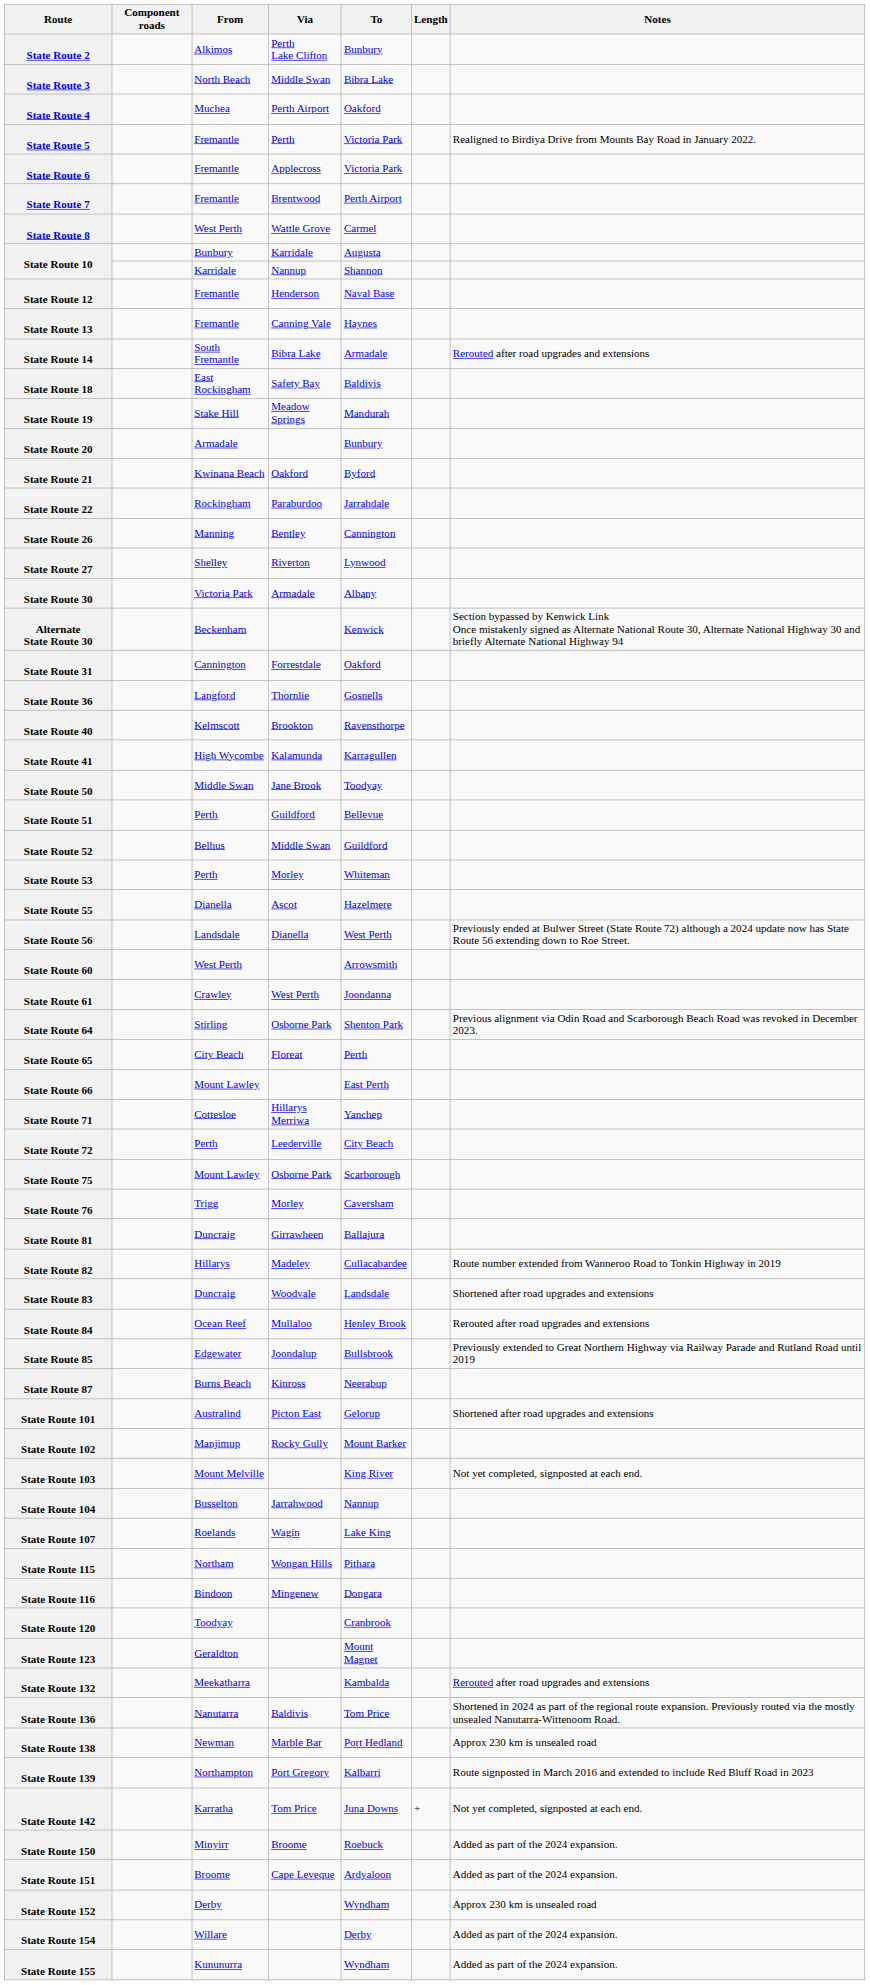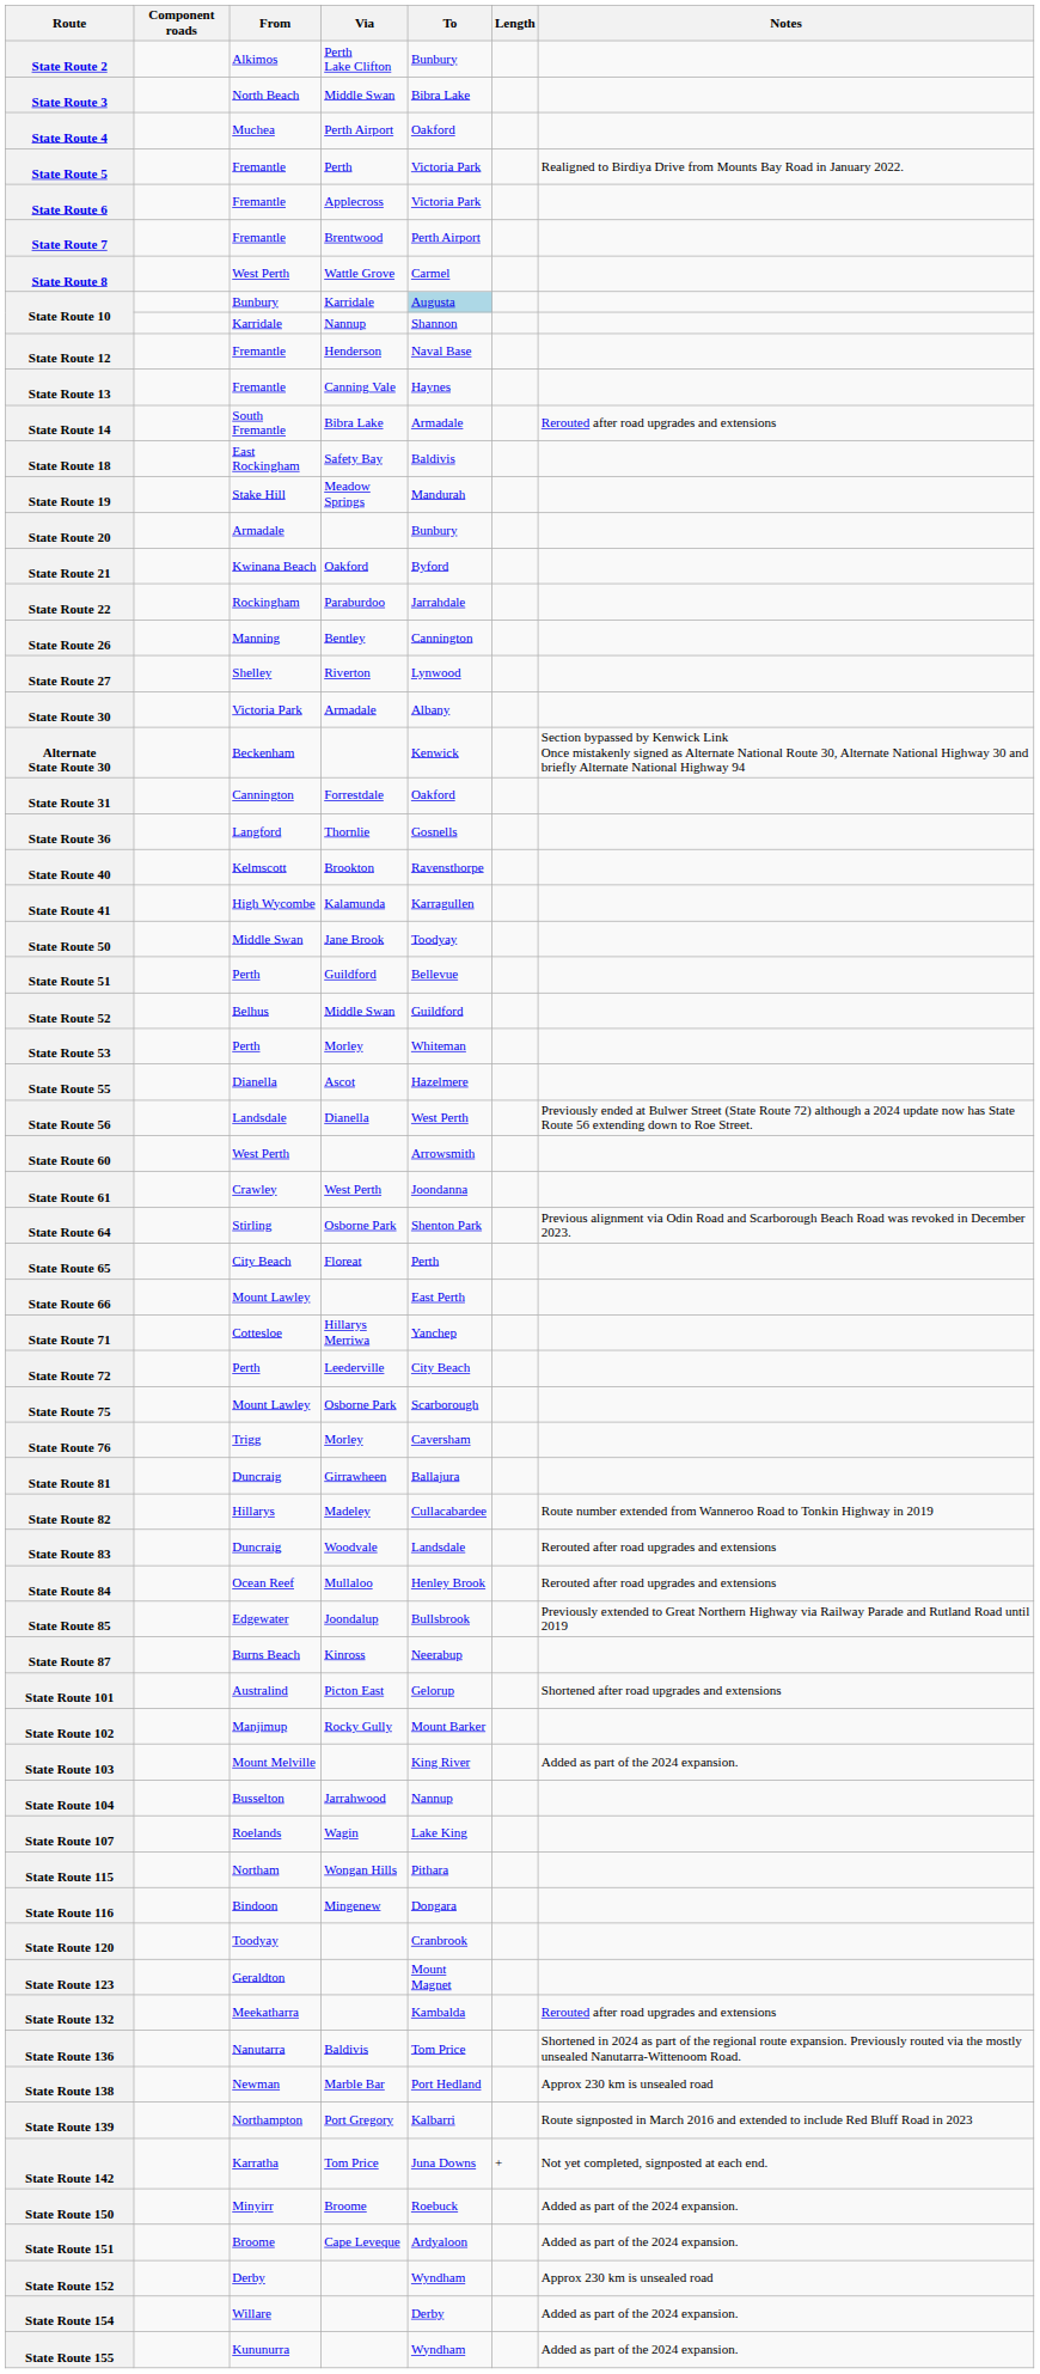 <table class="wikitable">
 <tr>
 <th scope="col">Route</th>
 <th scope="col">Component roads</th>
 <th scope="col">From</th>
 <th scope="col">Via</th>
 <th scope="col">To</th>
 <th scope="col">Length</th>
 <th scope="col">Notes</th>
 </tr>
 <tr>
 <th style="vertical-align:top; white-space:nowrap;"><br><a href='#'>State Route 2</a></th>
 <td></td>
 <td><a href='#'>Alkimos</a></td>
 <td><a href='#'>Perth</a><br><a href='#'>Lake Clifton</a></td>
 <td><a href='#'>Bunbury</a></td>
 <td></td>
 <td></td>
 </tr>
 <tr>
 <th style="vertical-align:top; white-space:nowrap;"><br><a href='#'>State Route 3</a></th>
 <td></td>
 <td><a href='#'>North Beach</a></td>
 <td><a href='#'>Middle Swan</a></td>
 <td><a href='#'>Bibra Lake</a></td>
 <td></td>
 <td></td>
 </tr>
 <tr>
 <th style="vertical-align:top; white-space:nowrap;"><br><a href='#'>State Route 4</a></th>
 <td></td>
 <td><a href='#'>Muchea</a></td>
 <td><a href='#'>Perth Airport</a></td>
 <td><a href='#'>Oakford</a></td>
 <td></td>
 <td></td>
 </tr>
 <tr>
 <th style="vertical-align:top; white-space:nowrap;"><br><a href='#'>State Route 5</a></th>
 <td></td>
 <td><a href='#'>Fremantle</a></td>
 <td><a href='#'>Perth</a></td>
 <td><a href='#'>Victoria Park</a></td>
 <td></td>
 <td> Realigned to Birdiya Drive from Mounts Bay Road in January 2022.</td>
 </tr>
 <tr>
 <th style="vertical-align:top; white-space:nowrap;"><br><a href='#'>State Route 6</a></th>
 <td></td>
 <td><a href='#'>Fremantle</a></td>
 <td><a href='#'>Applecross</a></td>
 <td><a href='#'>Victoria Park</a></td>
 <td></td>
 <td></td>
 </tr>
 <tr>
 <th style="vertical-align:top; white-space:nowrap;"><br><a href='#'>State Route 7</a></th>
 <td></td>
 <td><a href='#'>Fremantle</a></td>
 <td><a href='#'>Brentwood</a></td>
 <td><a href='#'>Perth Airport</a></td>
 <td></td>
 <td></td>
 </tr>
 <tr>
 <th style="vertical-align:top; white-space:nowrap;"><br><a href='#'>State Route 8</a></th>
 <td></td>
 <td><a href='#'>West Perth</a></td>
 <td><a href='#'>Wattle Grove</a></td>
 <td><a href='#'>Carmel</a></td>
 <td></td>
 <td></td>
 </tr>
 <tr>
 <th rowspan=2 style="vertical-align:top; white-space:nowrap;"><br>State Route 10</th>
 <td></td>
 <td><a href='#'>Bunbury</a></td>
 <td><a href='#'>Karridale</a></td>
-<td><a href='#'>Augusta</a></td>
+<td style="background: lightblue;"><a href='#'>Augusta</a></td>
 <td></td>
 <td></td>
 </tr>
 <tr>
 <td></td>
 <td><a href='#'>Karridale</a></td>
 <td><a href='#'>Nannup</a></td>
 <td><a href='#'>Shannon</a></td>
 <td></td>
 <td></td>
 </tr>
 <tr>
 <th style="vertical-align:top; white-space:nowrap;"><br>State Route 12</th>
 <td></td>
 <td><a href='#'>Fremantle</a></td>
 <td><a href='#'>Henderson</a></td>
 <td><a href='#'>Naval Base</a></td>
 <td></td>
 <td></td>
 </tr>
 <tr>
 <th style="vertical-align:top; white-space:nowrap;"><br>State Route 13</th>
 <td></td>
 <td><a href='#'>Fremantle</a></td>
 <td><a href='#'>Canning Vale</a></td>
 <td><a href='#'>Haynes</a></td>
 <td></td>
 <td></td>
 </tr>
 <tr>
 <th style="vertical-align:top; white-space:nowrap;"><br>State Route 14</th>
 <td></td>
 <td><a href='#'>South Fremantle</a></td>
 <td><a href='#'>Bibra Lake</a></td>
 <td><a href='#'>Armadale</a></td>
 <td></td>
 <td><a href='#'>Rerouted</a> after road upgrades and extensions</td>
 </tr>
 <tr>
 <th style="vertical-align:top; white-space:nowrap;"><br>State Route 18</th>
 <td></td>
 <td><a href='#'>East Rockingham</a></td>
 <td><a href='#'>Safety Bay</a></td>
 <td><a href='#'>Baldivis</a></td>
 <td></td>
 <td></td>
 </tr>
 <tr>
 <th style="vertical-align:top; white-space:nowrap;"><br>State Route 19</th>
 <td></td>
 <td><a href='#'>Stake Hill</a></td>
 <td><a href='#'>Meadow Springs</a></td>
 <td><a href='#'>Mandurah</a></td>
 <td></td>
 <td></td>
 </tr>
 <tr>
 <th style="vertical-align:top; white-space:nowrap;"><br>State Route 20</th>
 <td></td>
 <td><a href='#'>Armadale</a></td>
 <td></td>
 <td><a href='#'>Bunbury</a></td>
 <td></td>
 <td></td>
 </tr>
 <tr>
 <th style="vertical-align:top; white-space:nowrap;"><br>State Route 21</th>
 <td></td>
 <td><a href='#'>Kwinana Beach</a></td>
 <td><a href='#'>Oakford</a></td>
 <td><a href='#'>Byford</a></td>
 <td></td>
 <td></td>
 </tr>
 <tr>
 <th style="vertical-align:top; white-space:nowrap;"><br>State Route 22</th>
 <td></td>
 <td><a href='#'>Rockingham</a></td>
 <td><a href='#'>Paraburdoo</a></td>
 <td><a href='#'>Jarrahdale</a></td>
 <td></td>
 <td></td>
 </tr>
 <tr>
 <th style="vertical-align:top; white-space:nowrap;"><br>State Route 26</th>
 <td></td>
 <td><a href='#'>Manning</a></td>
 <td><a href='#'>Bentley</a></td>
 <td><a href='#'>Cannington</a></td>
 <td></td>
 <td></td>
 </tr>
 <tr>
 <th style="vertical-align:top; white-space:nowrap;"><br>State Route 27</th>
 <td></td>
 <td><a href='#'>Shelley</a></td>
 <td><a href='#'>Riverton</a></td>
 <td><a href='#'>Lynwood</a></td>
 <td></td>
 <td></td>
 </tr>
 <tr>
 <th style="vertical-align:top; white-space:nowrap;"><br>State Route 30</th>
 <td></td>
 <td><a href='#'>Victoria Park</a></td>
 <td><a href='#'>Armadale</a></td>
 <td><a href='#'>Albany</a></td>
 <td></td>
 <td></td>
 </tr>
 <tr>
 <th style="vertical-align:top; white-space:nowrap;"><br>Alternate<wbr> State Route 30</th>
 <td></td>
 <td><a href='#'>Beckenham</a></td>
 <td></td>
 <td><a href='#'>Kenwick</a></td>
 <td></td>
 <td>Section bypassed by Kenwick Link<br>Once mistakenly signed as Alternate National Route 30, Alternate National Highway 30 and briefly Alternate National Highway 94</td>
 </tr>
 <tr>
 <th style="vertical-align:top; white-space:nowrap;"><br>State Route 31</th>
 <td></td>
 <td><a href='#'>Cannington</a></td>
 <td><a href='#'>Forrestdale</a></td>
 <td><a href='#'>Oakford</a></td>
 <td></td>
 <td></td>
 </tr>
 <tr>
 <th style="vertical-align:top; white-space:nowrap;"><br>State Route 36</th>
 <td></td>
 <td><a href='#'>Langford</a></td>
 <td><a href='#'>Thornlie</a></td>
 <td><a href='#'>Gosnells</a></td>
 <td></td>
 <td></td>
 </tr>
 <tr>
 <th style="vertical-align:top; white-space:nowrap;"><br>State Route 40</th>
 <td></td>
 <td><a href='#'>Kelmscott</a></td>
 <td><a href='#'>Brookton</a></td>
 <td><a href='#'>Ravensthorpe</a></td>
 <td></td>
 <td></td>
 </tr>
 <tr>
 <th style="vertical-align:top; white-space:nowrap;"><br>State Route 41</th>
 <td></td>
 <td><a href='#'>High Wycombe</a></td>
 <td><a href='#'>Kalamunda</a></td>
 <td><a href='#'>Karragullen</a></td>
 <td></td>
 <td></td>
 </tr>
 <tr>
 <th style="vertical-align:top; white-space:nowrap;"><br>State Route 50</th>
 <td></td>
 <td><a href='#'>Middle Swan</a></td>
 <td><a href='#'>Jane Brook</a></td>
 <td><a href='#'>Toodyay</a></td>
 <td></td>
 <td></td>
 </tr>
 <tr>
 <th style="vertical-align:top; white-space:nowrap;"><br>State Route 51</th>
 <td></td>
 <td><a href='#'>Perth</a></td>
 <td><a href='#'>Guildford</a></td>
 <td><a href='#'>Bellevue</a></td>
 <td></td>
 <td></td>
 </tr>
 <tr>
 <th style="vertical-align:top; white-space:nowrap;"><br>State Route 52</th>
 <td></td>
 <td><a href='#'>Belhus</a></td>
 <td><a href='#'>Middle Swan</a></td>
 <td><a href='#'>Guildford</a></td>
 <td></td>
 <td></td>
 </tr>
 <tr>
 <th style="vertical-align:top; white-space:nowrap;"><br>State Route 53</th>
 <td></td>
 <td><a href='#'>Perth</a></td>
 <td><a href='#'>Morley</a></td>
 <td><a href='#'>Whiteman</a></td>
 <td></td>
 <td></td>
 </tr>
 <tr>
 <th style="vertical-align:top; white-space:nowrap;"><br>State Route 55</th>
 <td></td>
 <td><a href='#'>Dianella</a></td>
 <td><a href='#'>Ascot</a></td>
 <td><a href='#'>Hazelmere</a></td>
 <td></td>
 <td></td>
 </tr>
 <tr>
 <th style="vertical-align:top; white-space:nowrap;"><br>State Route 56</th>
 <td></td>
 <td><a href='#'>Landsdale</a></td>
 <td><a href='#'>Dianella</a></td>
 <td><a href='#'>West Perth</a></td>
 <td></td>
 <td>Previously ended at Bulwer Street (State Route 72) although a 2024 update now has State Route 56 extending down to Roe Street.</td>
 </tr>
 <tr>
 <th style="vertical-align:top; white-space:nowrap;"><br>State Route 60</th>
 <td></td>
 <td><a href='#'>West Perth</a></td>
 <td></td>
 <td><a href='#'>Arrowsmith</a></td>
 <td></td>
 <td></td>
 </tr>
 <tr>
 <th style="vertical-align:top; white-space:nowrap;"><br>State Route 61</th>
 <td></td>
 <td><a href='#'>Crawley</a></td>
 <td><a href='#'>West Perth</a></td>
 <td><a href='#'>Joondanna</a></td>
 <td></td>
 <td></td>
 </tr>
 <tr>
 <th style="vertical-align:top; white-space:nowrap;"><br>State Route 64</th>
 <td></td>
 <td><a href='#'>Stirling</a></td>
 <td><a href='#'>Osborne Park</a></td>
 <td><a href='#'>Shenton Park</a></td>
 <td></td>
 <td>Previous alignment via Odin Road and Scarborough Beach Road was revoked in December 2023.</td>
 </tr>
 <tr>
 <th style="vertical-align:top; white-space:nowrap;"><br>State Route 65</th>
 <td></td>
 <td><a href='#'>City Beach</a></td>
 <td><a href='#'>Floreat</a></td>
 <td><a href='#'>Perth</a></td>
 <td></td>
 <td></td>
 </tr>
 <tr>
 <th style="vertical-align:top; white-space:nowrap;"><br>State Route 66</th>
 <td></td>
 <td><a href='#'>Mount Lawley</a></td>
 <td></td>
 <td><a href='#'>East Perth</a></td>
 <td></td>
 <td></td>
 </tr>
 <tr>
 <th style="vertical-align:top; white-space:nowrap;"><br>State Route 71</th>
 <td></td>
 <td><a href='#'>Cottesloe</a></td>
 <td><a href='#'>Hillarys</a><br><a href='#'>Merriwa</a></td>
 <td><a href='#'>Yanchep</a></td>
 <td></td>
 <td></td>
 </tr>
 <tr>
 <th style="vertical-align:top; white-space:nowrap;"><br>State Route 72</th>
 <td></td>
 <td><a href='#'>Perth</a></td>
 <td><a href='#'>Leederville</a></td>
 <td><a href='#'>City Beach</a></td>
 <td></td>
 <td></td>
 </tr>
 <tr>
 <th style="vertical-align:top; white-space:nowrap;"><br>State Route 75</th>
 <td></td>
 <td><a href='#'>Mount Lawley</a></td>
 <td><a href='#'>Osborne Park</a></td>
 <td><a href='#'>Scarborough</a></td>
 <td></td>
 <td></td>
 </tr>
 <tr>
 <th style="vertical-align:top; white-space:nowrap;"><br>State Route 76</th>
 <td></td>
 <td><a href='#'>Trigg</a></td>
 <td><a href='#'>Morley</a></td>
 <td><a href='#'>Caversham</a></td>
 <td></td>
 <td></td>
 </tr>
 <tr>
 <th style="vertical-align:top; white-space:nowrap;"><br>State Route 81</th>
 <td></td>
 <td><a href='#'>Duncraig</a></td>
 <td><a href='#'>Girrawheen</a></td>
 <td><a href='#'>Ballajura</a></td>
 <td></td>
 <td></td>
 </tr>
 <tr>
 <th style="vertical-align:top; white-space:nowrap;"><br>State Route 82</th>
 <td></td>
 <td><a href='#'>Hillarys</a></td>
 <td><a href='#'>Madeley</a></td>
 <td><a href='#'>Cullacabardee</a></td>
 <td></td>
 <td>Route number extended from Wanneroo Road to Tonkin Highway in 2019</td>
 </tr>
 <tr>
 <th style="vertical-align:top; white-space:nowrap;"><br>State Route 83</th>
 <td></td>
 <td><a href='#'>Duncraig</a></td>
 <td><a href='#'>Woodvale</a></td>
 <td><a href='#'>Landsdale</a></td>
 <td></td>
-<td>Shortened after road upgrades and extensions</td>
+<td>Rerouted after road upgrades and extensions</td>
 </tr>
 <tr>
 <th style="vertical-align:top; white-space:nowrap;"><br>State Route 84</th>
 <td></td>
 <td><a href='#'>Ocean Reef</a></td>
 <td><a href='#'>Mullaloo</a></td>
 <td><a href='#'>Henley Brook</a></td>
 <td></td>
 <td>Rerouted after road upgrades and extensions</td>
 </tr>
 <tr>
 <th style="vertical-align:top; white-space:nowrap;"><br>State Route 85</th>
 <td></td>
 <td><a href='#'>Edgewater</a></td>
 <td><a href='#'>Joondalup</a></td>
 <td><a href='#'>Bullsbrook</a></td>
 <td></td>
 <td>Previously extended to Great Northern Highway via Railway Parade and Rutland Road until 2019</td>
 </tr>
 <tr>
 <th style="vertical-align:top; white-space:nowrap;"><br>State Route 87</th>
 <td></td>
 <td><a href='#'>Burns Beach</a></td>
 <td><a href='#'>Kinross</a></td>
 <td><a href='#'>Neerabup</a></td>
 <td></td>
 <td></td>
 </tr>
 <tr>
 <th style="vertical-align:top; white-space:nowrap;"><br>State Route 101</th>
 <td></td>
 <td><a href='#'>Australind</a></td>
 <td><a href='#'>Picton East</a></td>
 <td><a href='#'>Gelorup</a></td>
 <td></td>
 <td>Shortened after road upgrades and extensions</td>
 </tr>
 <tr>
 <th style="vertical-align:top; white-space:nowrap;"><br>State Route 102</th>
 <td></td>
 <td><a href='#'>Manjimup</a></td>
 <td><a href='#'>Rocky Gully</a></td>
 <td><a href='#'>Mount Barker</a></td>
 <td></td>
 <td></td>
 </tr>
 <tr>
 <th style="vertical-align:top; white-space:nowrap;"><br>State Route 103</th>
 <td></td>
 <td><a href='#'>Mount Melville</a></td>
 <td></td>
 <td><a href='#'>King River</a></td>
 <td></td>
-<td>Not yet completed, signposted at each end.</td>
+<td>Added as part of the 2024 expansion.</td>
 </tr>
 <tr>
 <th style="vertical-align:top; white-space:nowrap;"><br>State Route 104</th>
 <td></td>
 <td><a href='#'>Busselton</a></td>
 <td><a href='#'>Jarrahwood</a></td>
 <td><a href='#'>Nannup</a></td>
 <td></td>
 <td></td>
 </tr>
 <tr>
 <th style="vertical-align:top; white-space:nowrap;"><br>State Route 107</th>
 <td></td>
 <td><a href='#'>Roelands</a></td>
 <td><a href='#'>Wagin</a></td>
 <td><a href='#'>Lake King</a></td>
 <td></td>
 <td></td>
 </tr>
 <tr>
 <th style="vertical-align:top; white-space:nowrap;"><br>State Route 115</th>
 <td></td>
 <td><a href='#'>Northam</a></td>
 <td><a href='#'>Wongan Hills</a></td>
 <td><a href='#'>Pithara</a></td>
 <td></td>
 <td></td>
 </tr>
 <tr>
 <th style="vertical-align:top; white-space:nowrap;"><br>State Route 116</th>
 <td></td>
 <td><a href='#'>Bindoon</a></td>
 <td><a href='#'>Mingenew</a></td>
 <td><a href='#'>Dongara</a></td>
 <td></td>
 <td></td>
 </tr>
 <tr>
 <th style="vertical-align:top; white-space:nowrap;"><br>State Route 120</th>
 <td></td>
 <td><a href='#'>Toodyay</a></td>
 <td></td>
 <td><a href='#'>Cranbrook</a></td>
 <td></td>
 <td></td>
 </tr>
 <tr>
 <th style="vertical-align:top; white-space:nowrap;"><br>State Route 123</th>
 <td></td>
 <td><a href='#'>Geraldton</a></td>
 <td></td>
 <td><a href='#'>Mount Magnet</a></td>
 <td></td>
 <td></td>
 </tr>
 <tr>
 <th style="vertical-align:top; white-space:nowrap;"><br>State Route 132</th>
 <td></td>
 <td><a href='#'>Meekatharra</a></td>
 <td></td>
 <td><a href='#'>Kambalda</a></td>
 <td></td>
 <td><a href='#'>Rerouted</a> after road upgrades and extensions</td>
 </tr>
 <tr>
 <th style="vertical-align:top; white-space:nowrap;"><br>State Route 136</th>
 <td></td>
 <td><a href='#'>Nanutarra</a></td>
 <td><a href='#'>Baldivis</a></td>
 <td><a href='#'>Tom Price</a></td>
 <td></td>
 <td>Shortened in 2024 as part of the regional route expansion. Previously routed via the mostly unsealed Nanutarra-Wittenoom Road.</td>
 </tr>
 <tr>
 <th style="vertical-align:top; white-space:nowrap;"><br>State Route 138</th>
 <td></td>
 <td><a href='#'>Newman</a></td>
 <td><a href='#'>Marble Bar</a></td>
 <td><a href='#'>Port Hedland</a></td>
 <td></td>
 <td>Approx 230 km is unsealed road</td>
 </tr>
 <tr>
 <th style="vertical-align:top; white-space:nowrap;"><br>State Route 139</th>
 <td></td>
 <td><a href='#'>Northampton</a></td>
 <td><a href='#'>Port Gregory</a></td>
 <td><a href='#'>Kalbarri</a></td>
 <td></td>
 <td>Route signposted in March 2016 and extended to include Red Bluff Road in 2023</td>
 </tr>
 <tr>
 <th style="vertical-align:top; white-space:nowrap;"><br> <br>State Route 142</th>
 <td></td>
 <td><a href='#'>Karratha</a></td>
 <td><a href='#'>Tom Price</a></td>
 <td><a href='#'>Juna Downs</a></td>
 <td> + </td>
 <td>Not yet completed, signposted at each end.</td>
 </tr>
 <tr>
 <th style="vertical-align:top; white-space:nowrap;"><br>State Route 150</th>
 <td></td>
 <td><a href='#'>Minyirr</a></td>
 <td><a href='#'>Broome</a></td>
 <td><a href='#'>Roebuck</a></td>
 <td></td>
 <td>Added as part of the 2024 expansion.</td>
 </tr>
 <tr>
 <th style="vertical-align:top; white-space:nowrap;"><br>State Route 151</th>
 <td></td>
 <td><a href='#'>Broome</a></td>
 <td><a href='#'>Cape Leveque</a></td>
 <td><a href='#'>Ardyaloon</a></td>
 <td></td>
 <td>Added as part of the 2024 expansion.</td>
 </tr>
 <tr>
 <th style="vertical-align:top; white-space:nowrap;"><br>State Route 152</th>
 <td></td>
 <td><a href='#'>Derby</a></td>
 <td></td>
 <td><a href='#'>Wyndham</a></td>
 <td></td>
 <td>Approx 230 km is unsealed road</td>
 </tr>
 <tr>
 <th style="vertical-align:top; white-space:nowrap;"><br>State Route 154</th>
 <td></td>
 <td><a href='#'>Willare</a></td>
 <td></td>
 <td><a href='#'>Derby</a></td>
 <td></td>
 <td>Added as part of the 2024 expansion.</td>
 </tr>
 <tr>
 <th style="vertical-align:top; white-space:nowrap;"><br>State Route 155</th>
 <td></td>
 <td><a href='#'>Kununurra</a></td>
 <td></td>
 <td><a href='#'>Wyndham</a></td>
 <td></td>
 <td>Added as part of the 2024 expansion.</td>
 </tr>
 </table>
